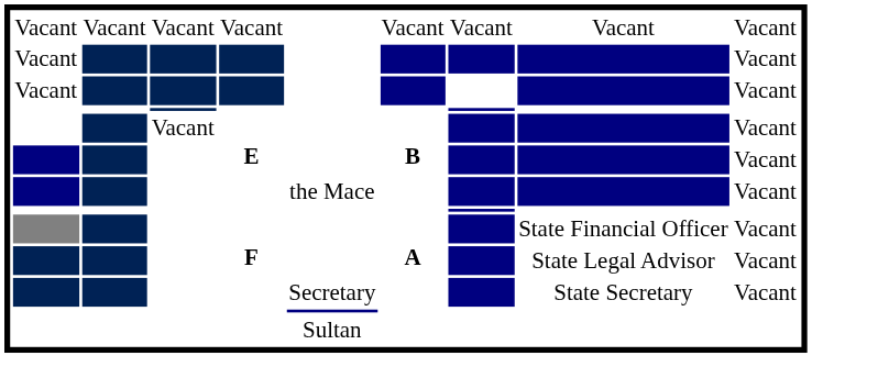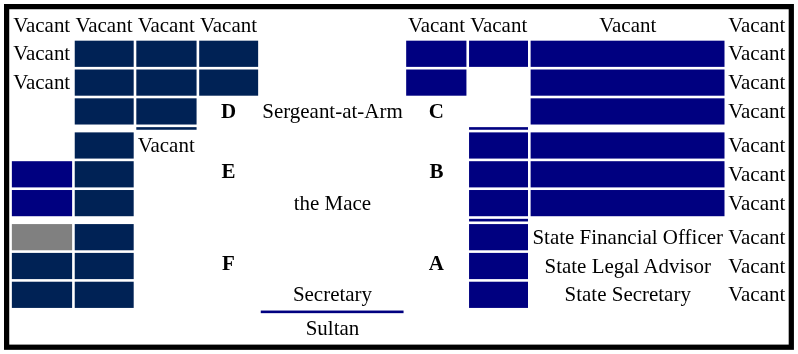 <table style="font-size:100%; text-align:center;border: 4px solid">
 <tr>
 <td>Vacant</td>
 <td>Vacant</td>
 <td>Vacant</td>
 <td>Vacant</td>
 <td></td>
 <td>Vacant</td>
 <td>Vacant</td>
 <td>Vacant</td>
 <td>Vacant</td>
 </tr>
 <tr>
 <td>Vacant</td>
 <td style="background-color:#002255;"></td>
 <td style="background-color:#002255;"></td>
 <td style="background-color:#002255;"></td>
 <td></td>
 <td style="background-color:#000080;"></td>
 <td style="background-color:#000080;"></td>
 <td style="background-color:#000080;"></td>
 <td>Vacant</td>
 </tr>
 <tr>
 <td>Vacant</td>
 <td style="background-color:#002255;"></td>
 <td style="background-color:#002255;"></td>
 <td style="background-color:#002255;"></td>
 <td></td>
 <td style="background-color:#000080;"></td>
+<td></td>
+<td style="background-color:#000080;"></td>
+<td>Vacant</td>
+</tr>
+<tr>
+<td bgcolor=></td>
+<td style="background-color:#002255;"></td>
+<td style="background-color:#002255;"></td>
+<td><strong>D</strong></td>
+<td>Sergeant-at-Arm</td>
+<td><strong>C</strong></td>
 <td></td>
 <td style="background-color:#000080;"></td>
 <td>Vacant</td>
 </tr>
 <tr>
 <td></td>
 <td></td>
 <td style="background-color:#002255;"></td>
 <td rowspan="4"><strong>E</strong></td>
 <td></td>
 <td rowspan="4"><strong>B</strong></td>
 <td style="background-color:#000080;"></td>
 <td></td>
 <td></td>
 </tr>
 <tr>
 <td bgcolor=></td>
 <td style="background-color:#002255;"></td>
 <td>Vacant</td>
 <td></td>
 <td style="background-color:#000080;"></td>
 <td style="background-color:#000080;"></td>
 <td>Vacant</td>
 </tr>
 <tr>
 <td style="background-color:#000080;"></td>
 <td style="background-color:#002255;"></td>
 <td></td>
 <td></td>
 <td style="background-color:#000080;"></td>
 <td style="background-color:#000080;"></td>
 <td>Vacant</td>
 </tr>
 <tr>
 <td style="background-color:#000080;"></td>
 <td style="background-color:#002255;"></td>
 <td></td>
 <td>the Mace</td>
 <td style="background-color:#000080;"></td>
 <td style="background-color:#000080;"></td>
 <td>Vacant</td>
 </tr>
 <tr>
 <td></td>
 <td></td>
 <td bgcolor=></td>
 <td rowspan=4><strong>F</strong></td>
 <td></td>
 <td rowspan=4><strong>A</strong></td>
 <td style="background-color:#000080;"></td>
 <td></td>
 </tr>
 <tr>
 <td bgcolor="#808080"></td>
 <td style="background-color:#002255;"></td>
 <td bgcolor=></td>
 <td></td>
 <td style="background-color:#000080;"></td>
 <td>State Financial Officer</td>
 <td>Vacant</td>
 </tr>
 <tr>
 <td style="background-color:#002255;"></td>
 <td style="background-color:#002255;"></td>
 <td bgcolor=></td>
 <td></td>
 <td style="background-color:#000080;"></td>
 <td>State Legal Advisor</td>
 <td>Vacant</td>
 </tr>
 <tr>
 <td style="background-color:#002255;"></td>
 <td style="background-color:#002255;"></td>
 <td bgcolor=></td>
 <td>Secretary</td>
 <td style="background-color:#000080;"></td>
 <td>State Secretary</td>
 <td>Vacant</td>
 </tr>
 <tr>
 <td></td>
 <td></td>
 <td></td>
 <td></td>
 <td style="background-color:#000080;"></td>
 <td></td>
 <td></td>
 <td></td>
 </tr>
 <tr>
 <td></td>
 <td></td>
 <td></td>
 <td></td>
 <td>Sultan</td>
 <td></td>
 <td></td>
 <td></td>
 </tr>
 </table>
